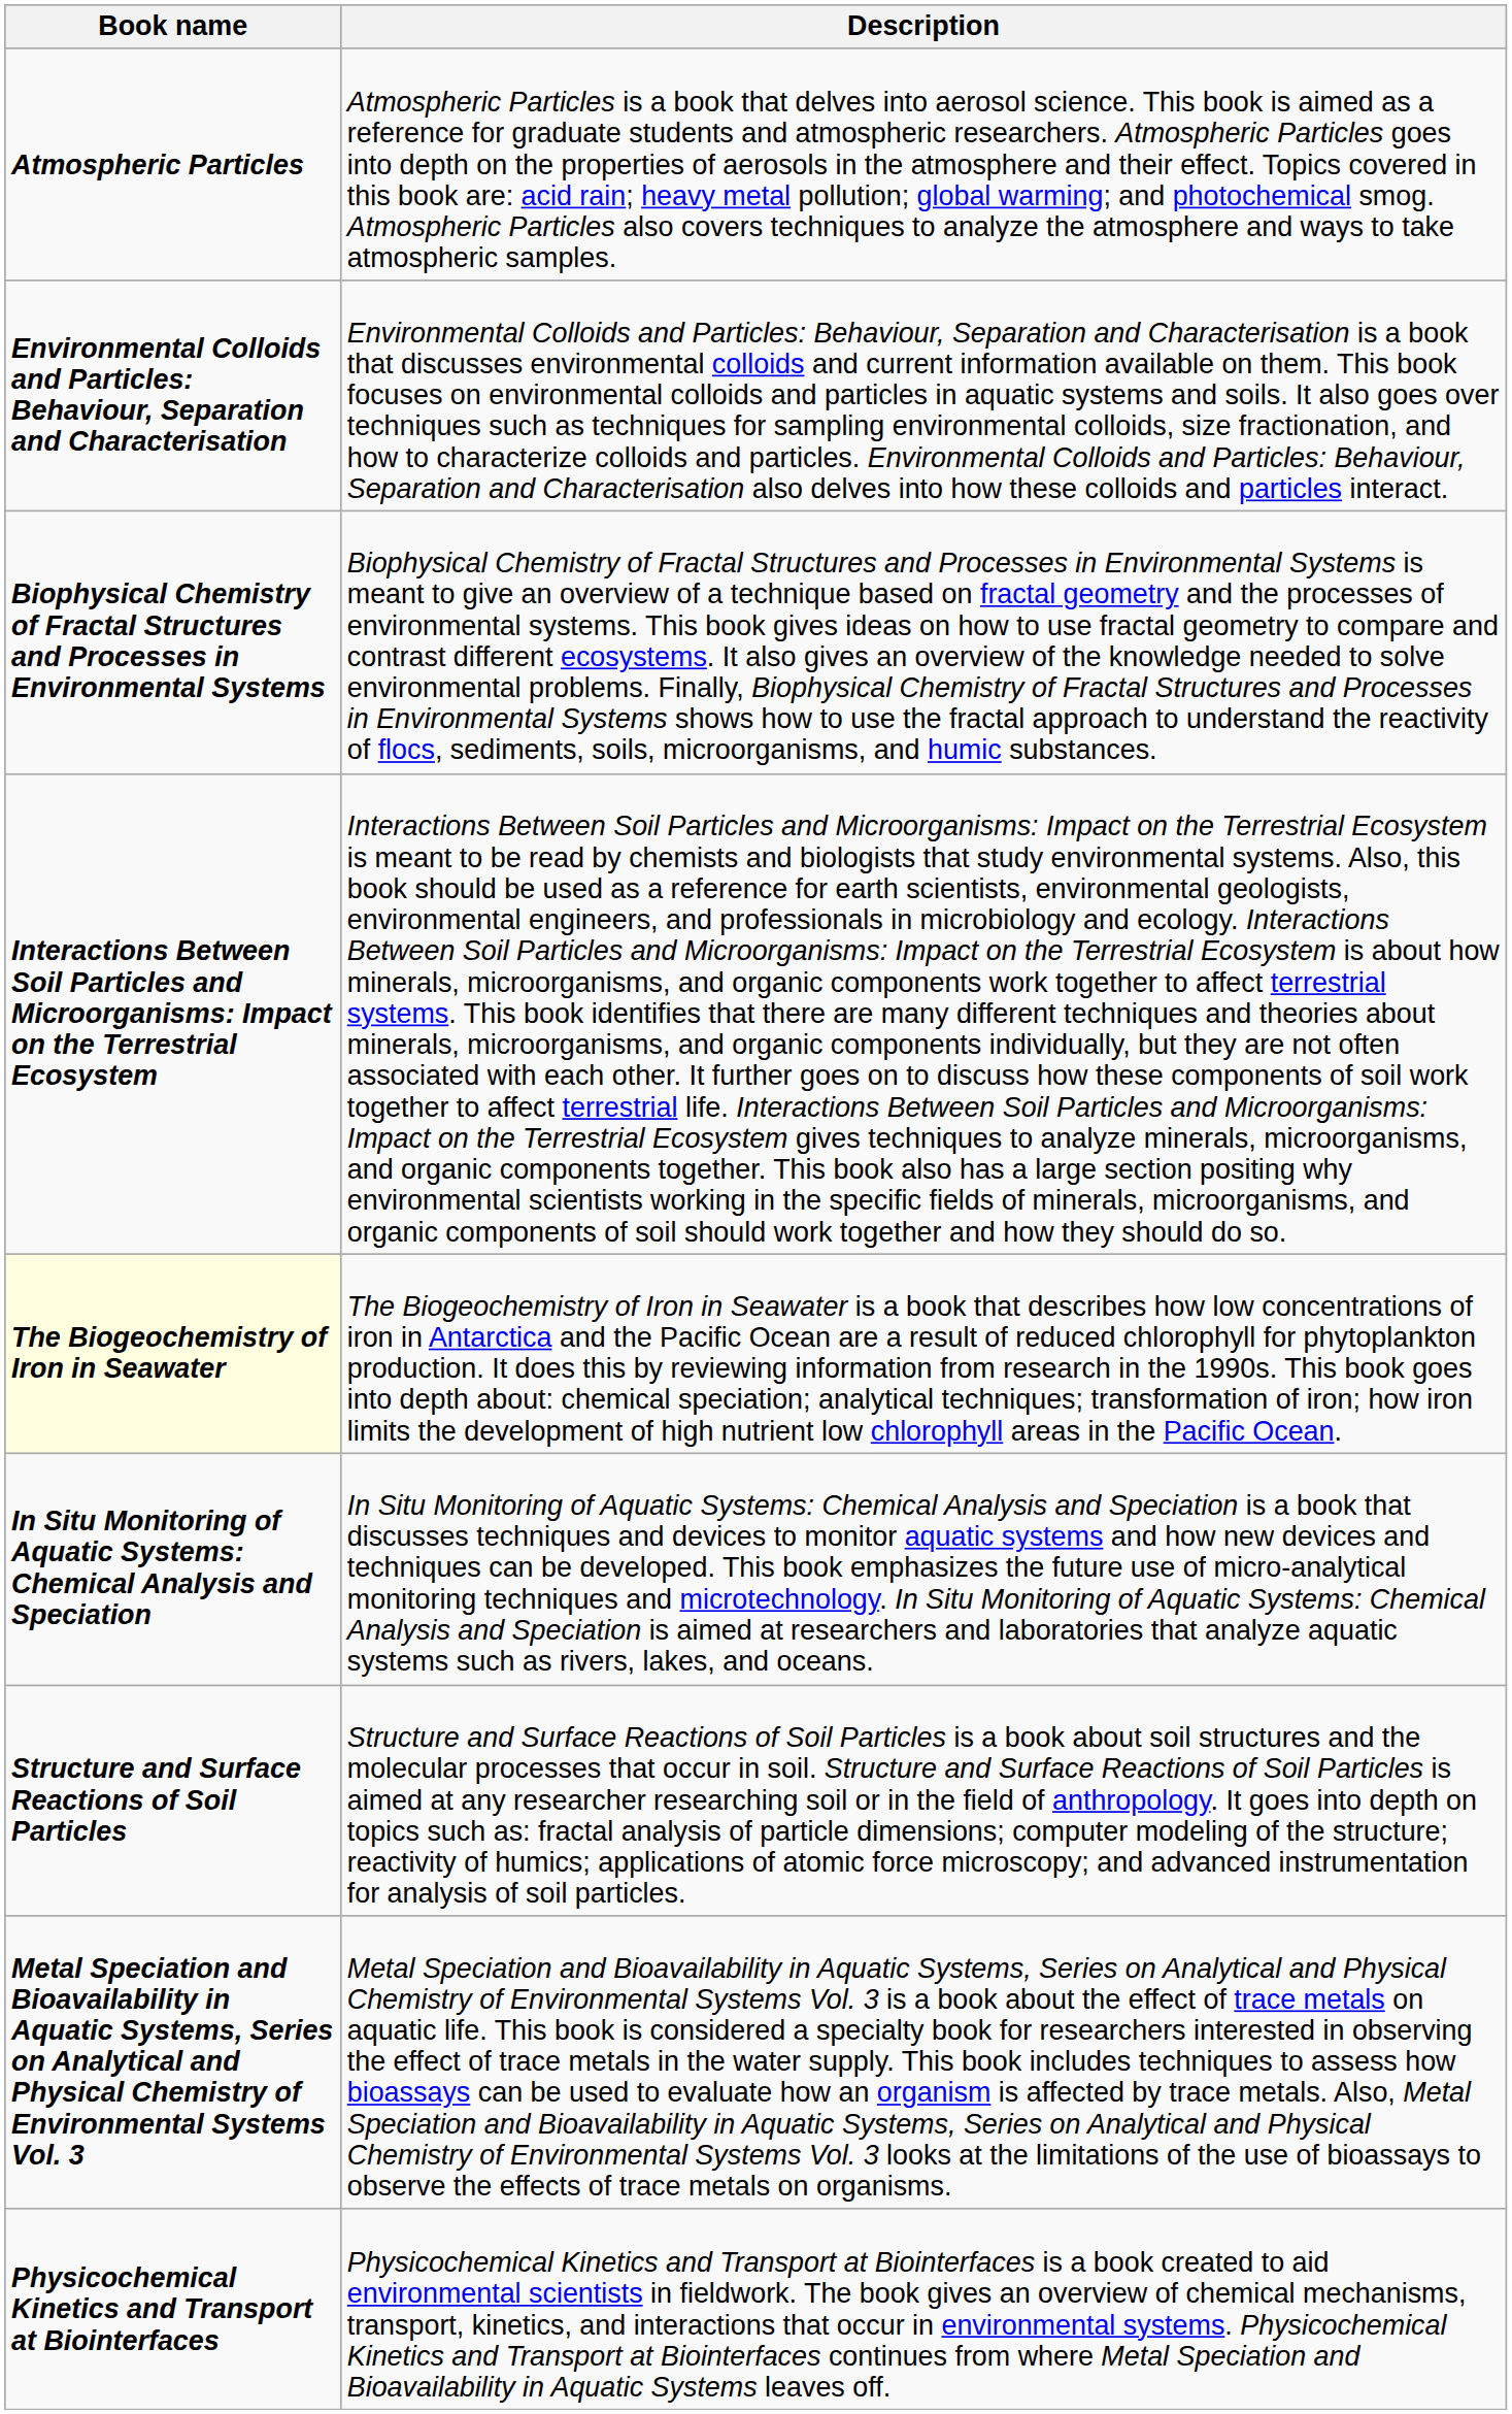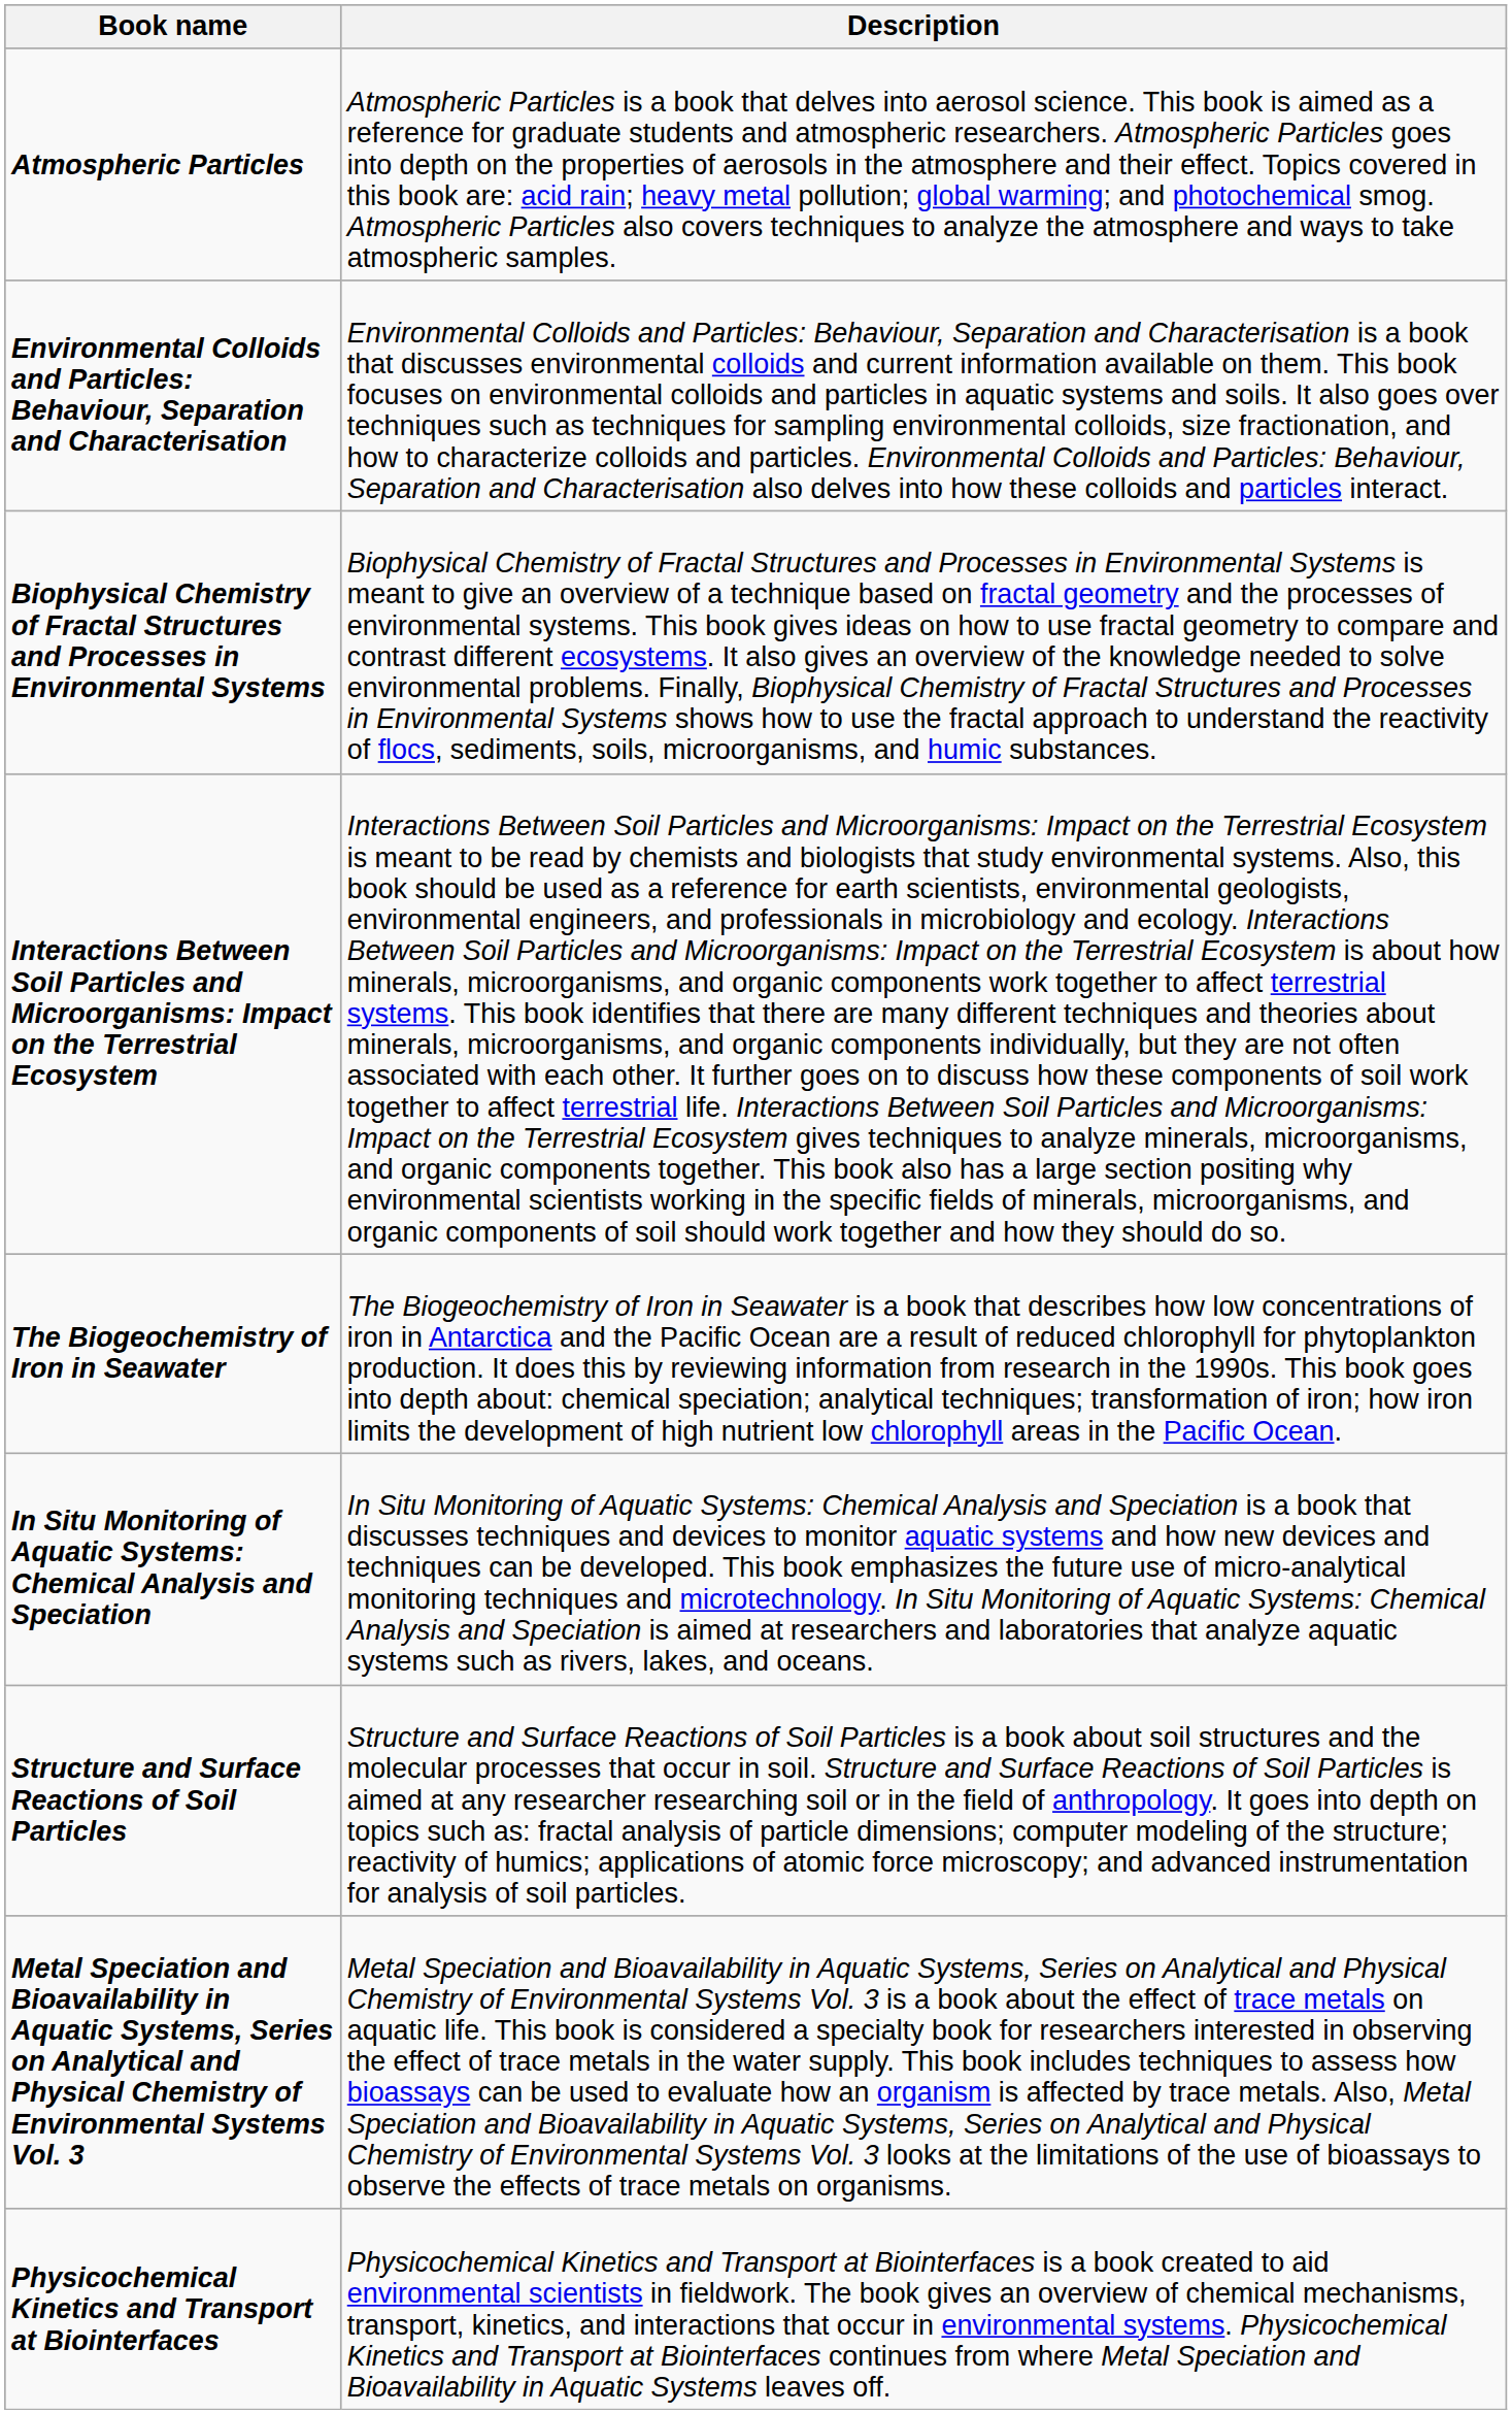 <table class="wikitable">
 <tr>
 <th>Book name</th>
 <th>Description</th>
 </tr>
 <tr>
 <td><strong><em>Atmospheric Particles</em></strong></td>
 <td><br><em>Atmospheric Particles</em> is a book that delves into aerosol science. This book is aimed as a reference for graduate students and atmospheric researchers. <em>Atmospheric Particles</em> goes into depth on the properties of aerosols in the atmosphere and their effect. Topics covered in this book are: <a href='#'>acid rain</a>; <a href='#'>heavy metal</a> pollution; <a href='#'>global warming</a>; and <a href='#'>photochemical</a> smog. <em>Atmospheric Particles</em> also covers techniques to analyze the atmosphere and ways to take atmospheric samples.</td>
 </tr>
 <tr>
 <td><strong><em>Environmental Colloids and Particles: Behaviour, Separation and Characterisation</em></strong></td>
 <td><br><em>Environmental Colloids and Particles: Behaviour, Separation and Characterisation</em> is a book that discusses environmental <a href='#'>colloids</a> and current information available on them. This book focuses on environmental colloids and particles in aquatic systems and soils. It also goes over techniques such as techniques for sampling environmental colloids, size fractionation, and how to characterize colloids and particles. <em>Environmental Colloids and Particles: Behaviour, Separation and Characterisation</em> also delves into how these colloids and <a href='#'>particles</a> interact.</td>
 </tr>
 <tr>
 <td><strong><em>Biophysical Chemistry of Fractal Structures and Processes in Environmental Systems</em></strong></td>
 <td><br><em>Biophysical Chemistry of Fractal Structures and Processes in Environmental Systems</em> is meant to give an overview of a technique based on <a href='#'>fractal geometry</a> and the processes of environmental systems. This book gives ideas on how to use fractal geometry to compare and contrast different <a href='#'>ecosystems</a>. It also gives an overview of the knowledge needed to solve environmental problems. Finally, <em>Biophysical Chemistry of Fractal Structures and Processes in Environmental Systems</em> shows how to use the fractal approach to understand the reactivity of <a href='#'>flocs</a>, sediments, soils, microorganisms, and <a href='#'>humic</a> substances.</td>
 </tr>
 <tr>
 <td><strong><em>Interactions Between Soil Particles and Microorganisms: Impact on the Terrestrial Ecosystem</em></strong></td>
 <td><br><em>Interactions Between Soil Particles and Microorganisms: Impact on the Terrestrial Ecosystem</em> is meant to be read by chemists and biologists that study environmental systems. Also, this book should be used as a reference for earth scientists, environmental geologists, environmental engineers, and professionals in microbiology and ecology. <em>Interactions Between Soil Particles and Microorganisms: Impact on the Terrestrial Ecosystem</em> is about how minerals, microorganisms, and organic components work together to affect <a href='#'>terrestrial systems</a>. This book identifies that there are many different techniques and theories about minerals, microorganisms, and organic components individually, but they are not often associated with each other. It further goes on to discuss how these components of soil work together to affect <a href='#'>terrestrial</a> life. <em>Interactions Between Soil Particles and Microorganisms: Impact on the Terrestrial Ecosystem</em> gives techniques to analyze minerals, microorganisms, and organic components together. This book also has a large section positing why environmental scientists working in the specific fields of minerals, microorganisms, and organic components of soil should work together and how they should do so.</td>
 </tr>
 <tr>
-<td style="background: lightyellow;"><strong><em>The Biogeochemistry of Iron in Seawater</em></strong></td>
+<td><strong><em>The Biogeochemistry of Iron in Seawater</em></strong></td>
 <td><br><em>The Biogeochemistry of Iron in Seawater</em> is a book that describes how low concentrations of iron in <a href='#'>Antarctica</a> and the Pacific Ocean are a result of reduced chlorophyll for phytoplankton production. It does this by reviewing information from research in the 1990s. This book goes into depth about: chemical speciation; analytical techniques; transformation of iron; how iron limits the development of high nutrient low <a href='#'>chlorophyll</a> areas in the <a href='#'>Pacific Ocean</a>.</td>
 </tr>
 <tr>
 <td><strong><em>In Situ Monitoring of Aquatic Systems: Chemical Analysis and Speciation</em></strong></td>
 <td><br><em>In Situ Monitoring of Aquatic Systems: Chemical Analysis and Speciation</em> is a book that discusses techniques and devices to monitor <a href='#'>aquatic systems</a> and how new devices and techniques can be developed. This book emphasizes the future use of micro-analytical monitoring techniques and <a href='#'>microtechnology</a>. <em>In Situ Monitoring of Aquatic Systems: Chemical Analysis and Speciation</em> is aimed at researchers and laboratories that analyze aquatic systems such as rivers, lakes, and oceans.</td>
 </tr>
 <tr>
 <td><strong><em>Structure and Surface Reactions of Soil Particles</em></strong></td>
 <td><br><em>Structure and Surface Reactions of Soil Particles</em> is a book about soil structures and the molecular processes that occur in soil. <em>Structure and Surface Reactions of Soil Particles</em> is aimed at any researcher researching soil or in the field of <a href='#'>anthropology</a>. It goes into depth on topics such as: fractal analysis of particle dimensions; computer modeling of the structure; reactivity of humics; applications of atomic force microscopy; and advanced instrumentation for analysis of soil particles.</td>
 </tr>
 <tr>
 <td><strong><em>Metal Speciation and Bioavailability in Aquatic Systems, Series on Analytical and Physical Chemistry of Environmental Systems Vol. 3</em></strong></td>
 <td><br><em>Metal Speciation and Bioavailability in Aquatic Systems, Series on Analytical and Physical Chemistry of Environmental Systems Vol. 3</em> is a book about the effect of <a href='#'>trace metals</a> on aquatic life. This book is considered a specialty book for researchers interested in observing the effect of trace metals in the water supply. This book includes techniques to assess how <a href='#'>bioassays</a> can be used to evaluate how an <a href='#'>organism</a> is affected by trace metals. Also, <em>Metal Speciation and Bioavailability in Aquatic Systems, Series on Analytical and Physical Chemistry of Environmental Systems Vol. 3</em> looks at the limitations of the use of bioassays to observe the effects of trace metals on organisms.</td>
 </tr>
 <tr>
 <td><strong><em>Physicochemical Kinetics and Transport at Biointerfaces</em></strong></td>
 <td><br><em>Physicochemical Kinetics and Transport at Biointerfaces</em> is a book created to aid <a href='#'>environmental scientists</a> in fieldwork. The book gives an overview of chemical mechanisms, transport, kinetics, and interactions that occur in <a href='#'>environmental systems</a>. <em>Physicochemical Kinetics and Transport at Biointerfaces</em> continues from where <em>Metal Speciation and Bioavailability in Aquatic Systems</em> leaves off.</td>
 </tr>
 </table>
